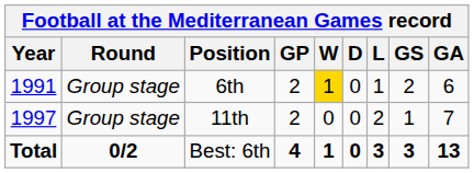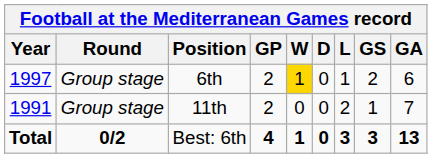 <table class="wikitable" style="text-align: center;">
 <tr>
 <th colspan=9><a href='#'>Football at the Mediterranean Games</a> record</th>
 </tr>
 <tr>
 <th>Year</th>
 <th>Round</th>
 <th>Position</th>
 <th>GP</th>
 <th>W</th>
 <th>D</th>
 <th>L</th>
 <th>GS</th>
 <th>GA</th>
 </tr>
 <tr>
-<td> <a href='#'>1991</a></td>
+<td> <a href='#'>1997</a></td>
 <td><em>Group stage</em></td>
 <td>6th</td>
 <td>2</td>
 <td style="background: gold;">1</td>
 <td>0</td>
 <td>1</td>
 <td>2</td>
 <td>6</td>
 </tr>
 <tr>
-<td> <a href='#'>1997</a></td>
+<td> <a href='#'>1991</a></td>
 <td><em>Group stage</em></td>
 <td>11th</td>
 <td>2</td>
 <td>0</td>
 <td>0</td>
 <td>2</td>
 <td>1</td>
 <td>7</td>
 </tr>
 <tr>
 <td><strong>Total</strong></td>
 <td><strong>0/2</strong></td>
 <td>Best: 6th</td>
 <td><strong>4</strong></td>
 <td><strong>1</strong></td>
 <td><strong>0</strong></td>
 <td><strong>3</strong></td>
 <td><strong>3</strong></td>
 <td><strong>13</strong></td>
 </tr>
 </table>
